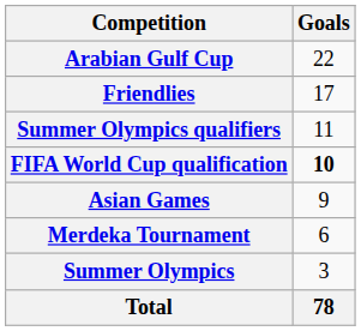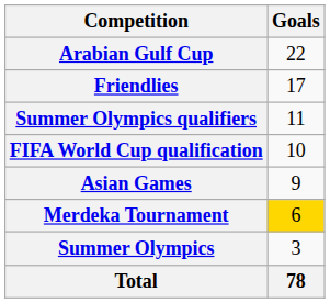 <table class="wikitable plainrowheaders sortable" style="text-align:center; font-size:95%">
 <tr>
 <th scope="col">Competition</th>
 <th scope="col">Goals</th>
 </tr>
 <tr>
 <th scope="row"><a href='#'>Arabian Gulf Cup</a></th>
 <td>22</td>
 </tr>
 <tr>
 <th scope="row"><a href='#'>Friendlies</a></th>
 <td>17</td>
 </tr>
 <tr>
 <th scope="row"><a href='#'>Summer Olympics qualifiers</a></th>
 <td>11</td>
 </tr>
 <tr>
 <th scope="row"><a href='#'>FIFA World Cup qualification</a></th>
-<td><strong>10</strong></td>
+<td>10</td>
 </tr>
 <tr>
 <th scope="row"><a href='#'>Asian Games</a></th>
 <td>9</td>
 </tr>
 <tr>
 <th scope="row"><a href='#'>Merdeka Tournament</a></th>
-<td>6</td>
+<td style="background: gold;">6</td>
 </tr>
 <tr>
 <th scope="row"><a href='#'>Summer Olympics</a></th>
 <td>3</td>
 </tr>
 <tr>
 <th>Total</th>
 <th>78</th>
 </tr>
 </table>
